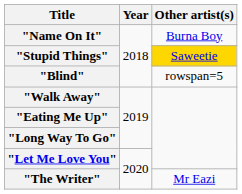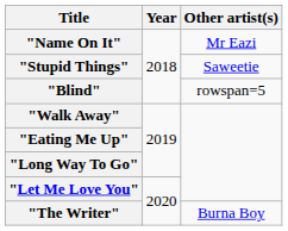 <table class="wikitable plainrowheaders" style="text-align:center;">
 <tr>
 <th scope="col">Title</th>
 <th scope="col">Year</th>
 <th scope="col">Other artist(s)</th>
 </tr>
 <tr>
 <th scope="row">"Name On It"</th>
 <td rowspan="3">2018</td>
-<td><a href='#'>Burna Boy</a></td>
+<td><a href='#'>Mr Eazi</a></td>
 </tr>
 <tr>
 <th scope="row">"Stupid Things"</th>
-<td style="background: gold;"><a href='#'>Saweetie</a></td>
+<td><a href='#'>Saweetie</a></td>
 </tr>
 <tr>
 <th scope="row">"Blind"</th>
 <td>rowspan=5 </td>
 </tr>
 <tr>
 <th scope="row">"Walk Away"</th>
 <td rowspan="3">2019</td>
 </tr>
 <tr>
 <th scope="row">"Eating Me Up"</th>
 </tr>
 <tr>
 <th scope="row">"Long Way To Go"</th>
 </tr>
 <tr>
 <th scope="row">"<a href='#'>Let Me Love You</a>"</th>
 <td rowspan="2">2020</td>
 </tr>
 <tr>
 <th scope="row">"The Writer"</th>
-<td><a href='#'>Mr Eazi</a></td>
+<td><a href='#'>Burna Boy</a></td>
 </tr>
 </table>
